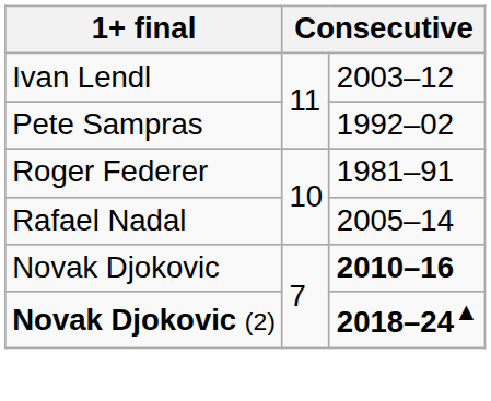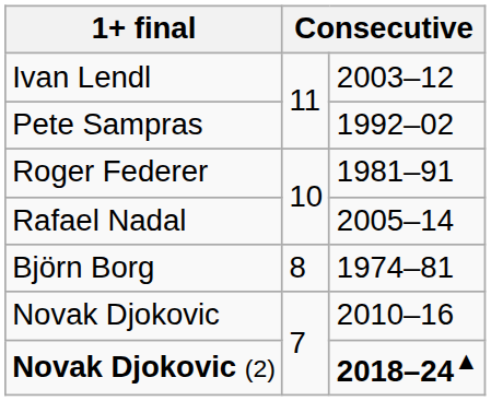 <table class="wikitable" style="display:inline-table;">
 <tr>
 <th>1+ final</th>
 <th colspan=2>Consecutive</th>
 </tr>
 <tr>
 <td> Ivan Lendl</td>
 <td rowspan="2">11</td>
 <td>2003–12</td>
 </tr>
 <tr>
 <td> Pete Sampras</td>
 <td>1992–02</td>
 </tr>
 <tr>
 <td> Roger Federer</td>
 <td rowspan="2">10</td>
 <td>1981–91</td>
 </tr>
 <tr>
 <td> Rafael Nadal</td>
 <td>2005–14</td>
 </tr>
 <tr>
+<td> Björn Borg</td>
+<td>8</td>
+<td>1974–81</td>
+</tr>
+<tr>
 <td> Novak Djokovic</td>
 <td rowspan="2">7</td>
-<td><strong>2010–16</strong></td>
+<td>2010–16</td>
 </tr>
 <tr>
 <td><strong> Novak Djokovic</strong> <small>(2)</small></td>
 <td><strong>2018–24</strong><sup>▲</sup></td>
 </tr>
 </table>
